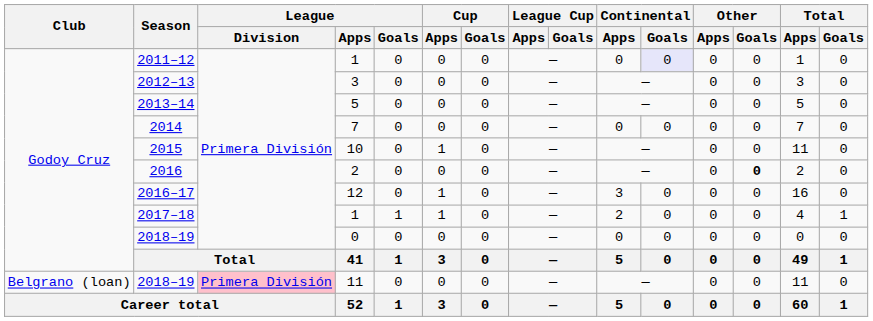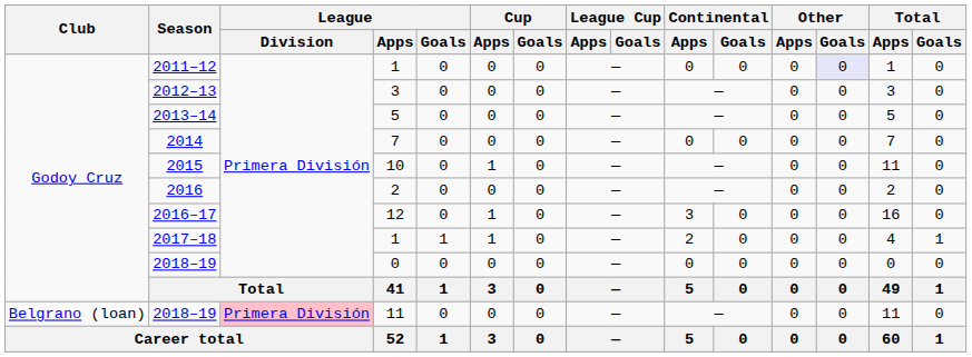 <table class="wikitable" style="text-align:center">
 <tr>
 <th rowspan="2">Club</th>
 <th rowspan="2">Season</th>
 <th colspan="3">League</th>
 <th colspan="2">Cup</th>
 <th colspan="2">League Cup</th>
 <th colspan="2">Continental</th>
 <th colspan="2">Other</th>
 <th colspan="2">Total</th>
 </tr>
 <tr>
 <th>Division</th>
 <th>Apps</th>
 <th>Goals</th>
 <th>Apps</th>
 <th>Goals</th>
 <th>Apps</th>
 <th>Goals</th>
 <th>Apps</th>
 <th>Goals</th>
 <th>Apps</th>
 <th>Goals</th>
 <th>Apps</th>
 <th>Goals</th>
 </tr>
 <tr>
 <td rowspan="10"><a href='#'>Godoy Cruz</a></td>
 <td><a href='#'>2011–12</a></td>
 <td rowspan="9"><a href='#'>Primera División</a></td>
 <td>1</td>
 <td>0</td>
 <td>0</td>
 <td>0</td>
 <td colspan="2">—</td>
 <td>0</td>
-<td style="background: lavender;">0</td>
 <td>0</td>
 <td>0</td>
+<td style="background: lavender;">0</td>
 <td>1</td>
 <td>0</td>
 </tr>
 <tr>
 <td><a href='#'>2012–13</a></td>
 <td>3</td>
 <td>0</td>
 <td>0</td>
 <td>0</td>
 <td colspan="2">—</td>
 <td colspan="2">—</td>
 <td>0</td>
 <td>0</td>
 <td>3</td>
 <td>0</td>
 </tr>
 <tr>
 <td><a href='#'>2013–14</a></td>
 <td>5</td>
 <td>0</td>
 <td>0</td>
 <td>0</td>
 <td colspan="2">—</td>
 <td colspan="2">—</td>
 <td>0</td>
 <td>0</td>
 <td>5</td>
 <td>0</td>
 </tr>
 <tr>
 <td><a href='#'>2014</a></td>
 <td>7</td>
 <td>0</td>
 <td>0</td>
 <td>0</td>
 <td colspan="2">—</td>
 <td>0</td>
 <td>0</td>
 <td>0</td>
 <td>0</td>
 <td>7</td>
 <td>0</td>
 </tr>
 <tr>
 <td><a href='#'>2015</a></td>
 <td>10</td>
 <td>0</td>
 <td>1</td>
 <td>0</td>
 <td colspan="2">—</td>
 <td colspan="2">—</td>
 <td>0</td>
 <td>0</td>
 <td>11</td>
 <td>0</td>
 </tr>
 <tr>
 <td><a href='#'>2016</a></td>
 <td>2</td>
 <td>0</td>
 <td>0</td>
 <td>0</td>
 <td colspan="2">—</td>
 <td colspan="2">—</td>
 <td>0</td>
-<td><strong>0</strong></td>
+<td>0</td>
 <td>2</td>
 <td>0</td>
 </tr>
 <tr>
 <td><a href='#'>2016–17</a></td>
 <td>12</td>
 <td>0</td>
 <td>1</td>
 <td>0</td>
 <td colspan="2">—</td>
 <td>3</td>
 <td>0</td>
 <td>0</td>
 <td>0</td>
 <td>16</td>
 <td>0</td>
 </tr>
 <tr>
 <td><a href='#'>2017–18</a></td>
 <td>1</td>
 <td>1</td>
 <td>1</td>
 <td>0</td>
 <td colspan="2">—</td>
 <td>2</td>
 <td>0</td>
 <td>0</td>
 <td>0</td>
 <td>4</td>
 <td>1</td>
 </tr>
 <tr>
 <td><a href='#'>2018–19</a></td>
 <td>0</td>
 <td>0</td>
 <td>0</td>
 <td>0</td>
 <td colspan="2">—</td>
 <td>0</td>
 <td>0</td>
 <td>0</td>
 <td>0</td>
 <td>0</td>
 <td>0</td>
 </tr>
 <tr>
 <th colspan="2">Total</th>
 <th>41</th>
 <th>1</th>
 <th>3</th>
 <th>0</th>
 <th colspan="2">—</th>
 <th>5</th>
 <th>0</th>
 <th>0</th>
 <th>0</th>
 <th>49</th>
 <th>1</th>
 </tr>
 <tr>
 <td rowspan="1"><a href='#'>Belgrano</a> (loan)</td>
 <td><a href='#'>2018–19</a></td>
 <td rowspan="1" style="background: pink;"><a href='#'>Primera División</a></td>
 <td>11</td>
 <td>0</td>
 <td>0</td>
 <td>0</td>
 <td colspan="2">—</td>
 <td colspan="2">—</td>
 <td>0</td>
 <td>0</td>
 <td>11</td>
 <td>0</td>
 </tr>
 <tr>
 <th colspan="3">Career total</th>
 <th>52</th>
 <th>1</th>
 <th>3</th>
 <th>0</th>
 <th colspan="2">—</th>
 <th>5</th>
 <th>0</th>
 <th>0</th>
 <th>0</th>
 <th>60</th>
 <th>1</th>
 </tr>
 </table>
